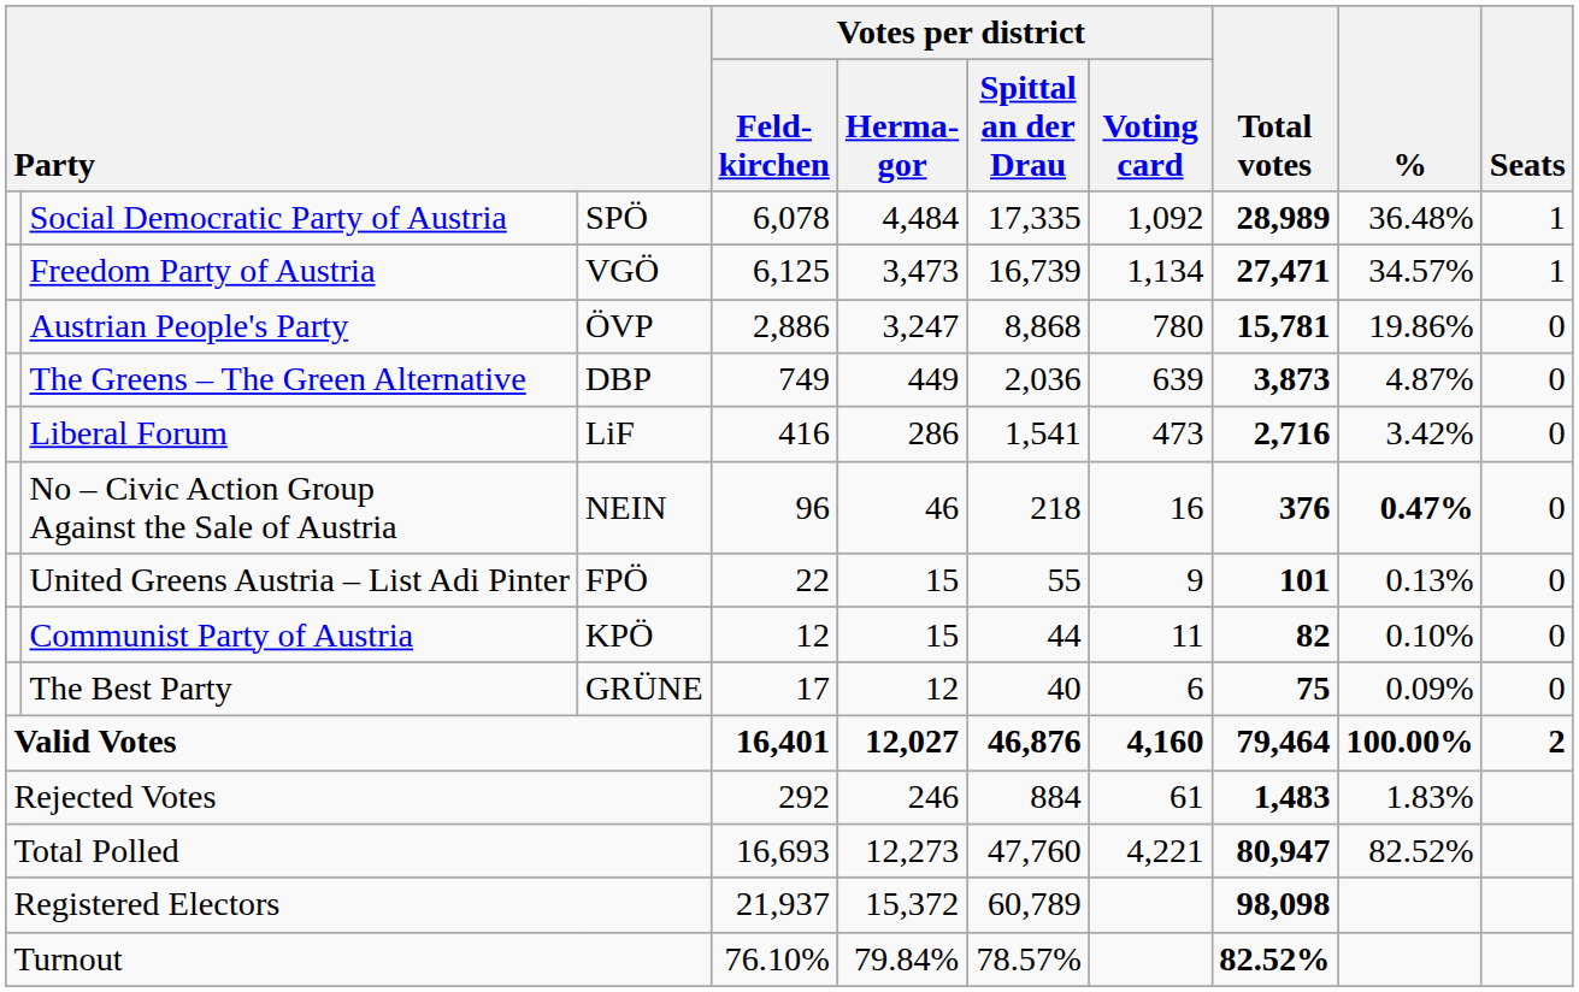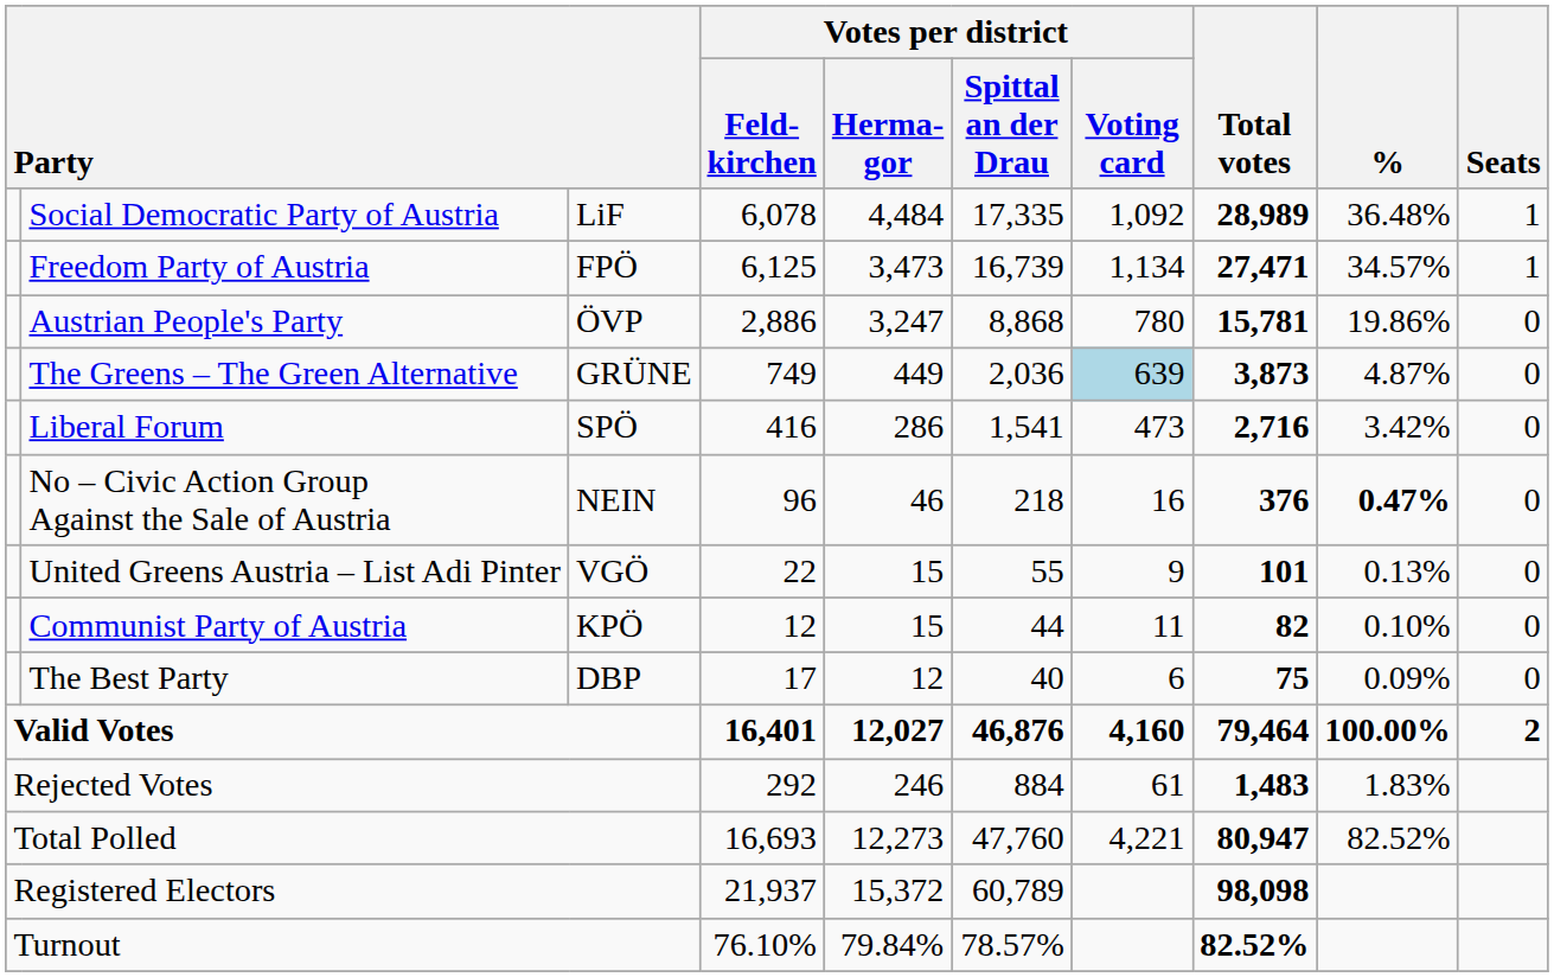 <table class="wikitable" border="1" style="text-align:right;">
 <tr>
 <th style="text-align:left;" valign=bottom rowspan=2 colspan=3>Party</th>
 <th colspan=4>Votes per district</th>
 <th align=center valign=bottom rowspan=2 width="50">Total<br>votes</th>
 <th align=center valign=bottom rowspan=2 width="50">%</th>
 <th align=center valign=bottom rowspan=2>Seats</th>
 </tr>
 <tr>
 <th align=center valign=bottom width="50"><a href='#'>Feld-<br>kirchen</a></th>
 <th align=center valign=bottom width="50"><a href='#'>Herma-<br>gor</a></th>
 <th align=center valign=bottom width="50"><a href='#'>Spittal<br>an der<br>Drau</a></th>
 <th align=center valign=bottom width="50"><a href='#'>Voting<br>card</a></th>
 </tr>
 <tr>
 <td></td>
 <td align=left><a href='#'>Social Democratic Party of Austria</a></td>
-<td align=left>SPÖ</td>
+<td align=left>LiF</td>
 <td>6,078</td>
 <td>4,484</td>
 <td>17,335</td>
 <td>1,092</td>
 <td><strong>28,989</strong></td>
 <td>36.48%</td>
 <td>1</td>
 </tr>
 <tr>
 <td></td>
 <td align=left><a href='#'>Freedom Party of Austria</a></td>
-<td align=left>VGÖ</td>
+<td align=left>FPÖ</td>
 <td>6,125</td>
 <td>3,473</td>
 <td>16,739</td>
 <td>1,134</td>
 <td><strong>27,471</strong></td>
 <td>34.57%</td>
 <td>1</td>
 </tr>
 <tr>
 <td></td>
 <td align=left><a href='#'>Austrian People's Party</a></td>
 <td align=left>ÖVP</td>
 <td>2,886</td>
 <td>3,247</td>
 <td>8,868</td>
 <td>780</td>
 <td><strong>15,781</strong></td>
 <td>19.86%</td>
 <td>0</td>
 </tr>
 <tr>
 <td></td>
 <td align=left style="white-space: nowrap;"><a href='#'>The Greens – The Green Alternative</a></td>
-<td align=left>DBP</td>
+<td align=left>GRÜNE</td>
 <td>749</td>
 <td>449</td>
 <td>2,036</td>
-<td>639</td>
+<td style="background: lightblue;">639</td>
 <td><strong>3,873</strong></td>
 <td>4.87%</td>
 <td>0</td>
 </tr>
 <tr>
 <td></td>
 <td align=left><a href='#'>Liberal Forum</a></td>
-<td align=left>LiF</td>
+<td align=left>SPÖ</td>
 <td>416</td>
 <td>286</td>
 <td>1,541</td>
 <td>473</td>
 <td><strong>2,716</strong></td>
 <td>3.42%</td>
 <td>0</td>
 </tr>
 <tr>
 <td></td>
 <td align=left>No – Civic Action Group<br>Against the Sale of Austria</td>
 <td align=left>NEIN</td>
 <td>96</td>
 <td>46</td>
 <td>218</td>
 <td>16</td>
 <td><strong>376</strong></td>
 <td><strong>0.47%</strong></td>
 <td>0</td>
 </tr>
 <tr>
 <td></td>
 <td align=left>United Greens Austria – List Adi Pinter</td>
-<td align=left>FPÖ</td>
+<td align=left>VGÖ</td>
 <td>22</td>
 <td>15</td>
 <td>55</td>
 <td>9</td>
 <td><strong>101</strong></td>
 <td>0.13%</td>
 <td>0</td>
 </tr>
 <tr>
 <td></td>
 <td align=left><a href='#'>Communist Party of Austria</a></td>
 <td align=left>KPÖ</td>
 <td>12</td>
 <td>15</td>
 <td>44</td>
 <td>11</td>
 <td><strong>82</strong></td>
 <td>0.10%</td>
 <td>0</td>
 </tr>
 <tr>
 <td></td>
 <td align=left>The Best Party</td>
-<td align=left>GRÜNE</td>
+<td align=left>DBP</td>
 <td>17</td>
 <td>12</td>
 <td>40</td>
 <td>6</td>
 <td><strong>75</strong></td>
 <td>0.09%</td>
 <td>0</td>
 </tr>
 <tr style="font-weight:bold">
 <td align=left colspan=3>Valid Votes</td>
 <td>16,401</td>
 <td>12,027</td>
 <td>46,876</td>
 <td>4,160</td>
 <td>79,464</td>
 <td>100.00%</td>
 <td>2</td>
 </tr>
 <tr>
 <td align=left colspan=3>Rejected Votes</td>
 <td>292</td>
 <td>246</td>
 <td>884</td>
 <td>61</td>
 <td><strong>1,483</strong></td>
 <td>1.83%</td>
 <td></td>
 </tr>
 <tr>
 <td align=left colspan=3>Total Polled</td>
 <td>16,693</td>
 <td>12,273</td>
 <td>47,760</td>
 <td>4,221</td>
 <td><strong>80,947</strong></td>
 <td>82.52%</td>
 <td></td>
 </tr>
 <tr>
 <td align=left colspan=3>Registered Electors</td>
 <td>21,937</td>
 <td>15,372</td>
 <td>60,789</td>
 <td></td>
 <td><strong>98,098</strong></td>
 <td></td>
 <td></td>
 </tr>
 <tr>
 <td align=left colspan=3>Turnout</td>
 <td>76.10%</td>
 <td>79.84%</td>
 <td>78.57%</td>
 <td></td>
 <td><strong>82.52%</strong></td>
 <td></td>
 <td></td>
 </tr>
 </table>
